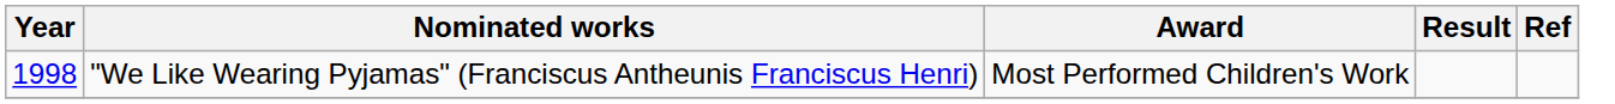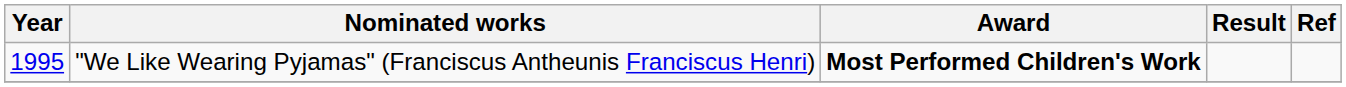 <table class="wikitable">
 <tr>
 <th>Year</th>
 <th>Nominated works</th>
 <th>Award</th>
 <th>Result</th>
 <th>Ref</th>
 </tr>
 <tr>
-<td><a href='#'>1998</a></td>
+<td><a href='#'>1995</a></td>
 <td>"We Like Wearing Pyjamas" (Franciscus Antheunis  <a href='#'>Franciscus Henri</a>)</td>
-<td>Most Performed Children's Work</td>
+<td><strong>Most Performed Children's Work</strong></td>
 <td></td>
 <td></td>
 </tr>
 <tr>
 </tr>
 </table>
